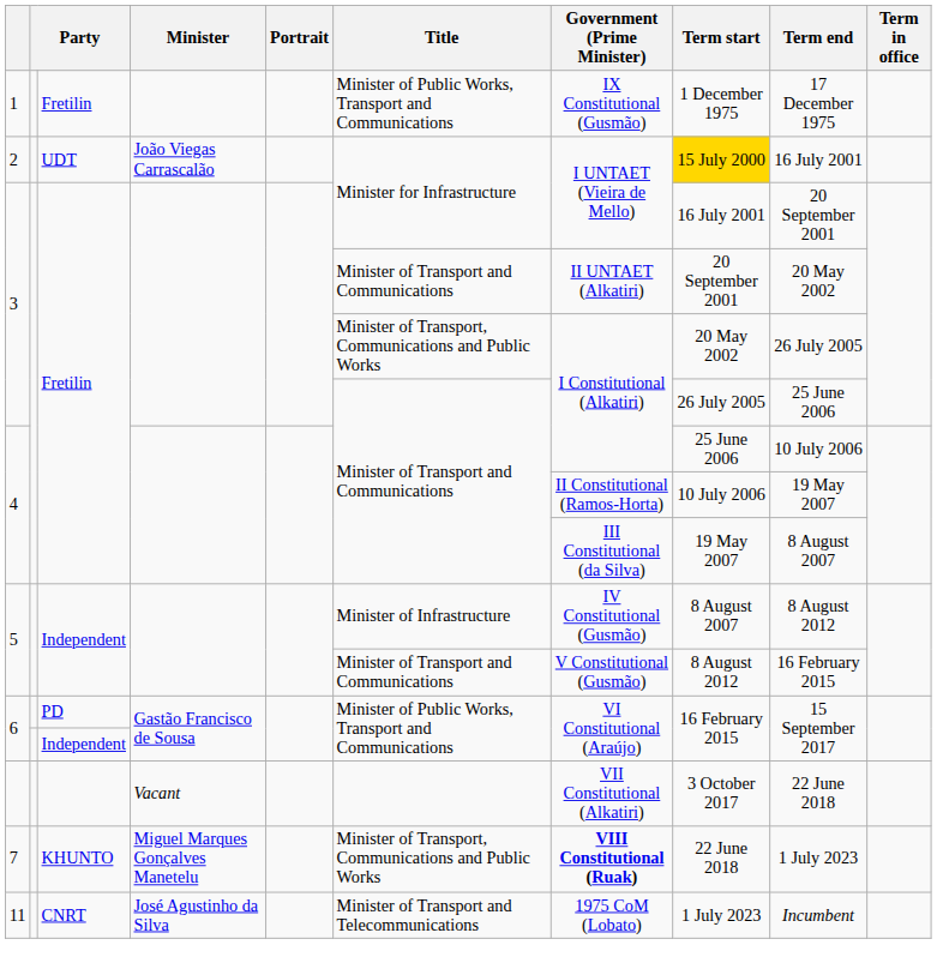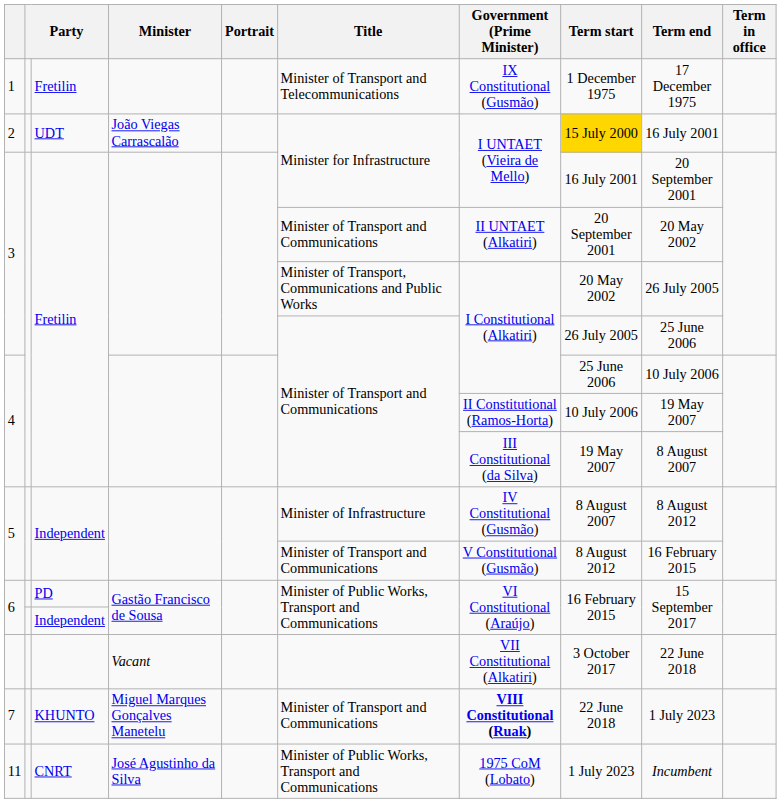 <table class="wikitable sortable">
 <tr>
 <th></th>
 <th colspan="2">Party</th>
 <th>Minister</th>
 <th>Portrait</th>
 <th>Title</th>
 <th>Government<br>(Prime Minister)</th>
 <th>Term start</th>
 <th>Term end</th>
 <th>Term in office</th>
 </tr>
 <tr>
 <td>1</td>
 <td style="background:"></td>
 <td><a href='#'>Fretilin</a></td>
 <td></td>
 <td></td>
-<td>Minister of Public Works, Transport and Communications</td>
+<td>Minister of Transport and Telecommunications</td>
 <td align=center><a href='#'>IX Constitutional</a><br>(<a href='#'>Gusmão</a>)</td>
 <td align=center>1 December 1975</td>
 <td align=center>17 December 1975</td>
 <td align=right></td>
 </tr>
 <tr>
 <td>2</td>
 <td style="background:"></td>
 <td><a href='#'>UDT</a></td>
 <td><a href='#'>João Viegas Carrascalão</a></td>
 <td></td>
 <td rowspan=2>Minister for Infrastructure</td>
 <td rowspan=2 align=center><a href='#'>I UNTAET</a><br>(<a href='#'>Vieira de Mello</a>)</td>
 <td align=center style="background: gold;">15 July 2000</td>
 <td align=center>16 July 2001</td>
 <td align=right></td>
 </tr>
 <tr>
 <td rowspan=4>3</td>
 <td rowspan=7 style="background:"></td>
 <td rowspan=7><a href='#'>Fretilin</a></td>
 <td rowspan=4></td>
 <td rowspan=4></td>
 <td align=center>16 July 2001</td>
 <td align=center>20 September 2001</td>
 <td rowspan=4 align=right></td>
 </tr>
 <tr>
 <td>Minister of Transport and Communications</td>
 <td align=center><a href='#'>II UNTAET</a><br>(<a href='#'>Alkatiri</a>)</td>
 <td align=center>20 September 2001</td>
 <td align=center>20 May 2002</td>
 </tr>
 <tr>
 <td>Minister of Transport, Communications and Public Works</td>
 <td rowspan=3 align=center><a href='#'>I Constitutional</a><br>(<a href='#'>Alkatiri</a>)</td>
 <td align=center>20 May 2002</td>
 <td align=center>26 July 2005</td>
 </tr>
 <tr>
 <td rowspan=4>Minister of Transport and Communications</td>
 <td align=center>26 July 2005</td>
 <td align=center>25 June 2006</td>
 </tr>
 <tr>
 <td rowspan=3>4</td>
 <td rowspan=3></td>
 <td rowspan=3></td>
 <td align=center>25 June 2006</td>
 <td align=center>10 July 2006</td>
 <td rowspan=3 align=right></td>
 </tr>
 <tr>
 <td align=center><a href='#'>II Constitutional</a><br>(<a href='#'>Ramos-Horta</a>)</td>
 <td align=center>10 July 2006</td>
 <td align=center>19 May 2007</td>
 </tr>
 <tr>
 <td align=center><a href='#'>III Constitutional</a><br>(<a href='#'>da Silva</a>)</td>
 <td align=center>19 May 2007</td>
 <td align=center>8 August 2007</td>
 </tr>
 <tr>
 <td rowspan=2>5</td>
 <td rowspan=2 style="background:"></td>
 <td rowspan=2><a href='#'>Independent</a></td>
 <td rowspan=2></td>
 <td rowspan=2></td>
 <td>Minister of Infrastructure</td>
 <td align=center><a href='#'>IV Constitutional</a><br>(<a href='#'>Gusmão</a>)</td>
 <td align=center>8 August 2007</td>
 <td align=center>8 August 2012</td>
 <td rowspan=2 align=right></td>
 </tr>
 <tr>
 <td>Minister of Transport and Communications</td>
 <td align=center><a href='#'>V Constitutional</a><br>(<a href='#'>Gusmão</a>)</td>
 <td align=center>8 August 2012</td>
 <td align=center>16 February 2015</td>
 </tr>
 <tr>
 <td rowspan=2>6</td>
 <td style="background:"></td>
 <td><a href='#'>PD</a></td>
 <td rowspan=2><a href='#'>Gastão Francisco de Sousa</a></td>
 <td rowspan=2></td>
 <td rowspan=2>Minister of Public Works, Transport and Communications</td>
 <td rowspan=2 align=center><a href='#'>VI Constitutional</a><br>(<a href='#'>Araújo</a>)</td>
 <td rowspan=2 align=center>16 February 2015</td>
 <td rowspan=2 align=center>15 September 2017</td>
 <td rowspan=2 align=right></td>
 </tr>
 <tr>
 <td style="background:"></td>
 <td><a href='#'>Independent</a></td>
 </tr>
 <tr>
 <td></td>
 <td></td>
 <td></td>
 <td><em>Vacant</em></td>
 <td></td>
 <td></td>
 <td align=center><a href='#'>VII Constitutional</a><br>(<a href='#'>Alkatiri</a>)</td>
 <td align=center>3 October 2017</td>
 <td align=center>22 June 2018</td>
 <td align=right></td>
 </tr>
 <tr>
 <td>7</td>
 <td style="background:"></td>
 <td><a href='#'>KHUNTO</a></td>
 <td><a href='#'>Miguel Marques Gonçalves Manetelu</a></td>
 <td></td>
-<td>Minister of Transport, Communications and Public Works</td>
+<td>Minister of Transport and Communications</td>
 <td align=center><strong><a href='#'>VIII Constitutional</a><br>(<a href='#'>Ruak</a>)</strong></td>
 <td align=center>22 June 2018</td>
 <td align=center>1 July 2023</td>
 <td align=right></td>
 </tr>
 <tr>
 <td>11</td>
 <td style="background:"></td>
 <td><a href='#'>CNRT</a></td>
 <td><a href='#'>José Agustinho da Silva</a></td>
 <td></td>
-<td>Minister of Transport and Telecommunications</td>
+<td>Minister of Public Works, Transport and Communications</td>
 <td align=center><a href='#'>1975 CoM</a><br>(<a href='#'>Lobato</a>)</td>
 <td align=center>1 July 2023</td>
 <td align=center><em>Incumbent</em></td>
 <td align=right></td>
 </tr>
 </table>
